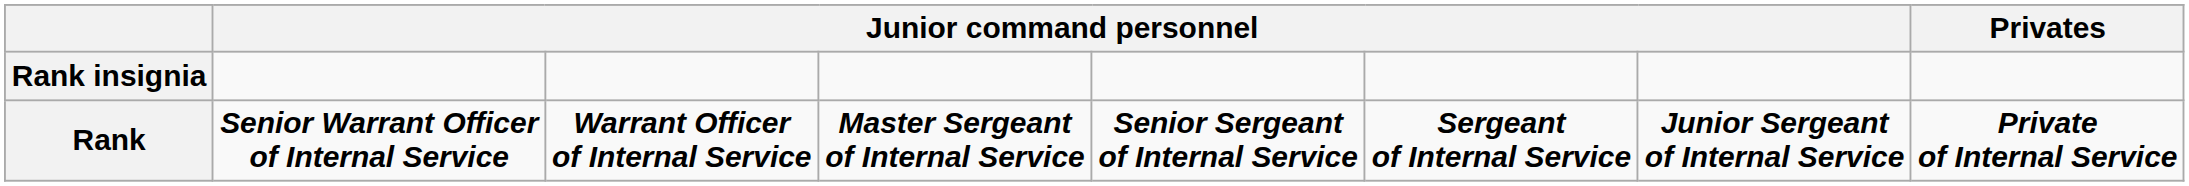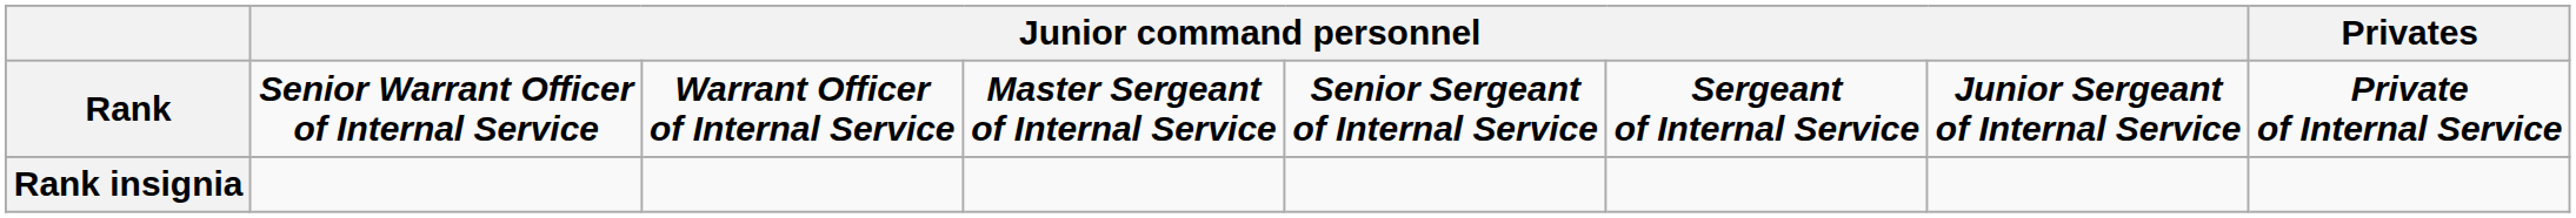 <table class="wikitable">
 <tr>
 <th></th>
 <th colspan=6>Junior command personnel</th>
 <th colspan=1>Privates</th>
+</tr>
+<tr style="text-align:center;">
+<th>Rank </th>
+<td><strong><em>Senior Warrant Officer<br> of Internal Service</em></strong></td>
+<td><strong><em>Warrant Officer<br> of Internal Service</em></strong></td>
+<td><strong><em>Master Sergeant<br> of Internal Service</em></strong></td>
+<td><strong><em>Senior Sergeant<br> of Internal Service</em></strong></td>
+<td><strong><em>Sergeant<br> of Internal Service</em></strong></td>
+<td><strong><em>Junior Sergeant<br> of Internal Service</em></strong></td>
+<td><strong><em>Private<br> of Internal Service</em></strong></td>
 </tr>
 <tr style="text-align:center;">
 <th>Rank insignia </th>
 <td></td>
 <td></td>
 <td></td>
 <td></td>
 <td></td>
 <td></td>
 <td></td>
 </tr>
-<tr style="text-align:center;">
-<th>Rank </th>
-<td><strong><em>Senior Warrant Officer<br> of Internal Service</em></strong></td>
-<td><strong><em>Warrant Officer<br> of Internal Service</em></strong></td>
-<td><strong><em>Master Sergeant<br> of Internal Service</em></strong></td>
-<td><strong><em>Senior Sergeant<br> of Internal Service</em></strong></td>
-<td><strong><em>Sergeant<br> of Internal Service</em></strong></td>
-<td><strong><em>Junior Sergeant<br> of Internal Service</em></strong></td>
-<td><strong><em>Private<br> of Internal Service</em></strong></td>
-</tr>
 </table>
